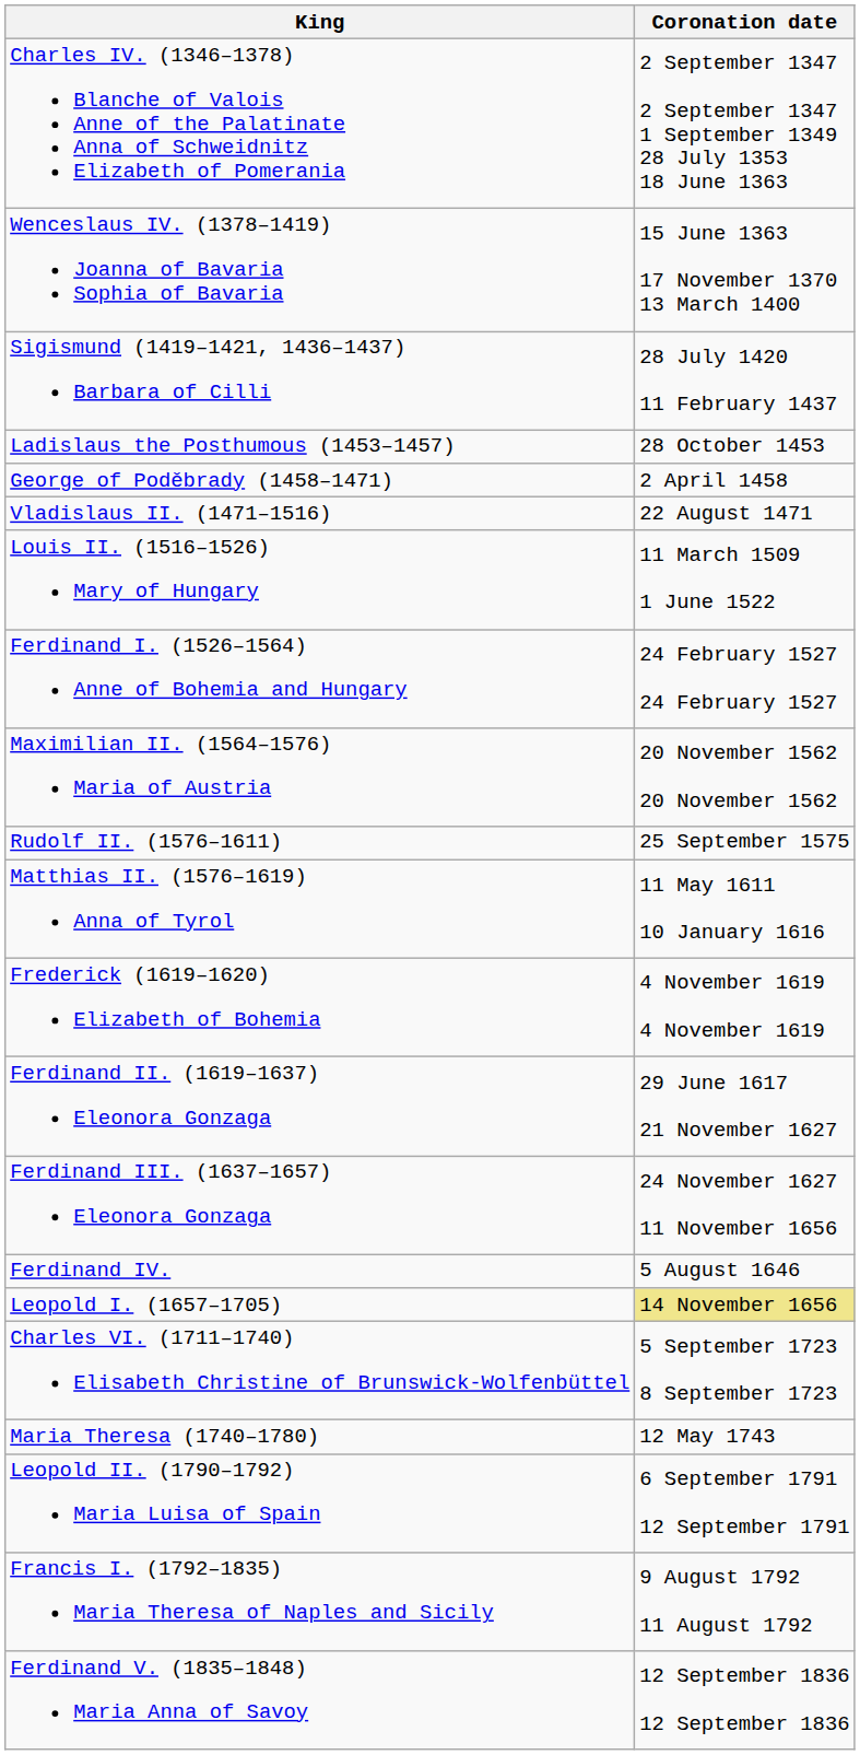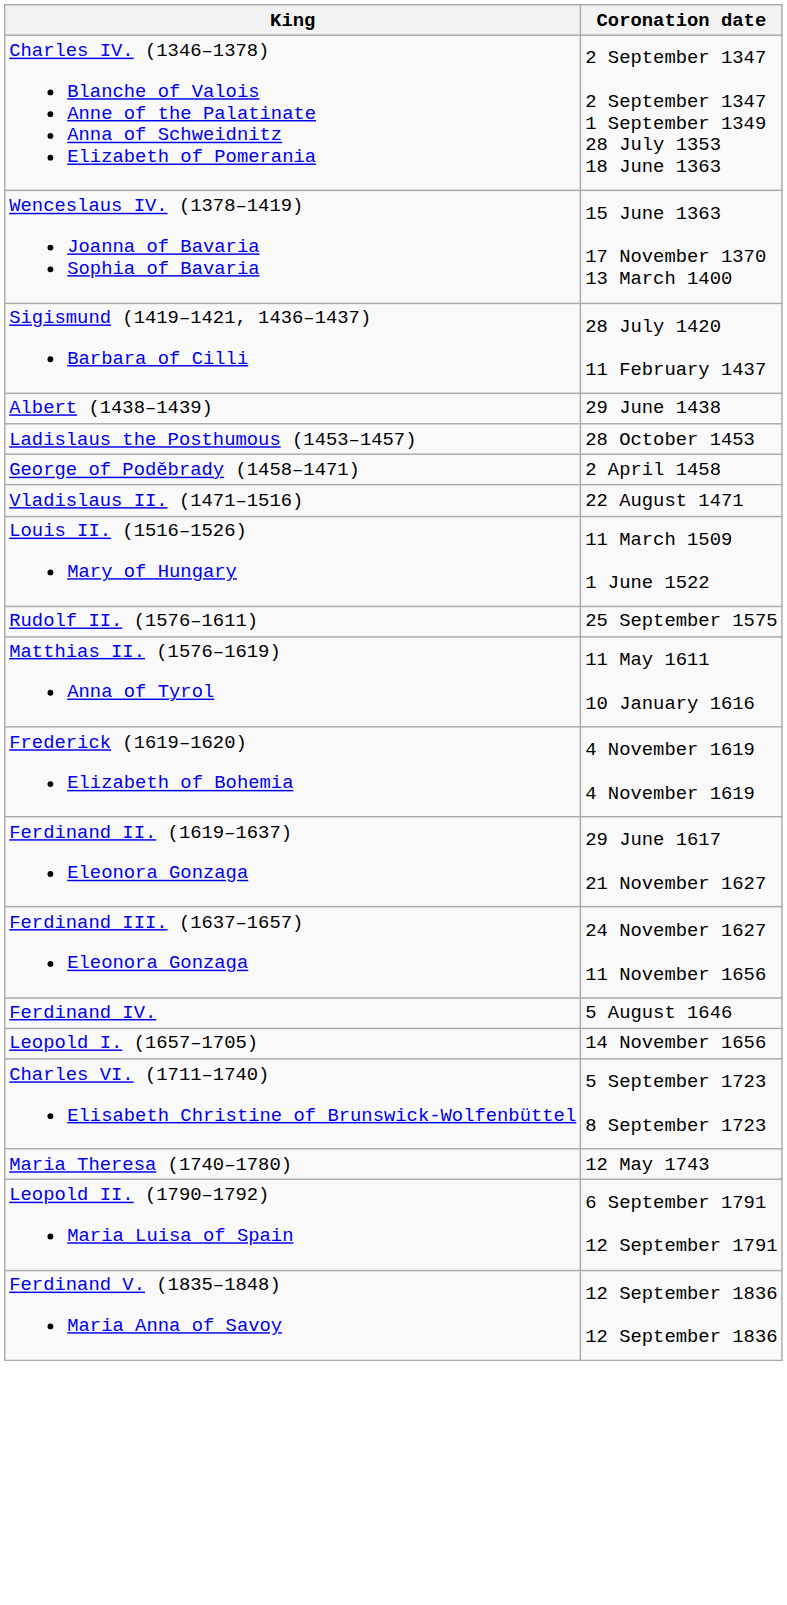 <table class=wikitable>
 <tr>
 <th>King</th>
 <th>Coronation date</th>
 </tr>
 <tr>
 <td><a href='#'>Charles IV.</a> (1346–1378)<br><ul><li><a href='#'>Blanche of Valois</a></li><li><a href='#'>Anne of the Palatinate</a></li><li><a href='#'>Anna of Schweidnitz</a></li><li><a href='#'>Elizabeth of Pomerania</a></li></ul></td>
 <td>2 September 1347<br><br>2 September 1347<br> 1 September 1349<br> 28 July 1353<br> 18 June 1363</td>
 </tr>
 <tr>
 <td><a href='#'>Wenceslaus IV.</a> (1378–1419)<br><ul><li><a href='#'>Joanna of Bavaria</a></li><li><a href='#'>Sophia of Bavaria</a></li></ul></td>
 <td>15 June 1363<br><br>17 November 1370<br> 13 March 1400<br></td>
 </tr>
 <tr>
 <td><a href='#'>Sigismund</a> (1419–1421, 1436–1437)<br><ul><li><a href='#'>Barbara of Cilli</a></li></ul></td>
 <td>28 July 1420<br><br>11 February 1437<br></td>
 </tr>
 <tr>
+<td><a href='#'>Albert</a> (1438–1439)</td>
+<td>29 June 1438</td>
+</tr>
+<tr>
 <td><a href='#'>Ladislaus the Posthumous</a> (1453–1457)</td>
 <td>28 October 1453</td>
 </tr>
 <tr>
 <td><a href='#'>George of Poděbrady</a> (1458–1471)</td>
 <td>2 April 1458</td>
 </tr>
 <tr>
 <td><a href='#'>Vladislaus II.</a> (1471–1516)</td>
 <td>22 August 1471</td>
 </tr>
 <tr>
 <td><a href='#'>Louis II.</a> (1516–1526)<br><ul><li><a href='#'>Mary of Hungary</a></li></ul></td>
 <td>11 March 1509<br><br>1 June 1522</td>
-</tr>
-<tr>
-<td><a href='#'>Ferdinand I.</a> (1526–1564)<br><ul><li><a href='#'>Anne of Bohemia and Hungary</a></li></ul></td>
-<td>24 February 1527<br><br>24 February 1527</td>
-</tr>
-<tr>
-<td><a href='#'>Maximilian II.</a> (1564–1576)<br><ul><li><a href='#'>Maria of Austria</a></li></ul></td>
-<td>20 November 1562<br><br>20 November 1562</td>
 </tr>
 <tr>
 <td><a href='#'>Rudolf II.</a> (1576–1611)</td>
 <td>25 September 1575</td>
 </tr>
 <tr>
 <td><a href='#'>Matthias II.</a> (1576–1619)<br><ul><li><a href='#'>Anna of Tyrol</a></li></ul></td>
 <td>11 May 1611<br><br>10 January 1616</td>
 </tr>
 <tr>
 <td><a href='#'>Frederick</a> (1619–1620)<br><ul><li><a href='#'>Elizabeth of Bohemia</a></li></ul></td>
 <td>4 November 1619<br><br>4 November 1619</td>
 </tr>
 <tr>
 <td><a href='#'>Ferdinand II.</a> (1619–1637)<br><ul><li><a href='#'>Eleonora Gonzaga</a></li></ul></td>
 <td>29 June 1617<br><br>21 November 1627</td>
 </tr>
 <tr>
 <td><a href='#'>Ferdinand III.</a> (1637–1657)<br><ul><li><a href='#'>Eleonora Gonzaga</a></li></ul></td>
 <td>24 November 1627<br><br>11 November 1656</td>
 </tr>
 <tr>
 <td><a href='#'>Ferdinand IV.</a></td>
 <td>5 August 1646</td>
 </tr>
 <tr>
 <td><a href='#'>Leopold I.</a> (1657–1705)</td>
-<td style="background: khaki;">14 November 1656</td>
+<td>14 November 1656</td>
 </tr>
 <tr>
 <td><a href='#'>Charles VI.</a> (1711–1740)<br><ul><li><a href='#'>Elisabeth Christine of Brunswick-Wolfenbüttel</a></li></ul></td>
 <td>5 September 1723<br><br>8 September 1723</td>
 </tr>
 <tr>
 <td><a href='#'>Maria Theresa</a> (1740–1780)</td>
 <td>12 May 1743</td>
 </tr>
 <tr>
 <td><a href='#'>Leopold II.</a> (1790–1792)<br><ul><li><a href='#'>Maria Luisa of Spain</a></li></ul></td>
 <td>6 September 1791<br><br>12 September 1791</td>
 </tr>
 <tr>
-<td><a href='#'>Francis I.</a> (1792–1835)<br><ul><li><a href='#'>Maria Theresa of Naples and Sicily</a></li></ul></td>
-<td>9 August 1792<br><br>11 August 1792</td>
-</tr>
-<tr>
 <td><a href='#'>Ferdinand V.</a> (1835–1848)<br><ul><li><a href='#'>Maria Anna of Savoy</a></li></ul></td>
 <td>12 September 1836<br><br>12 September 1836</td>
 </tr>
 </table>
